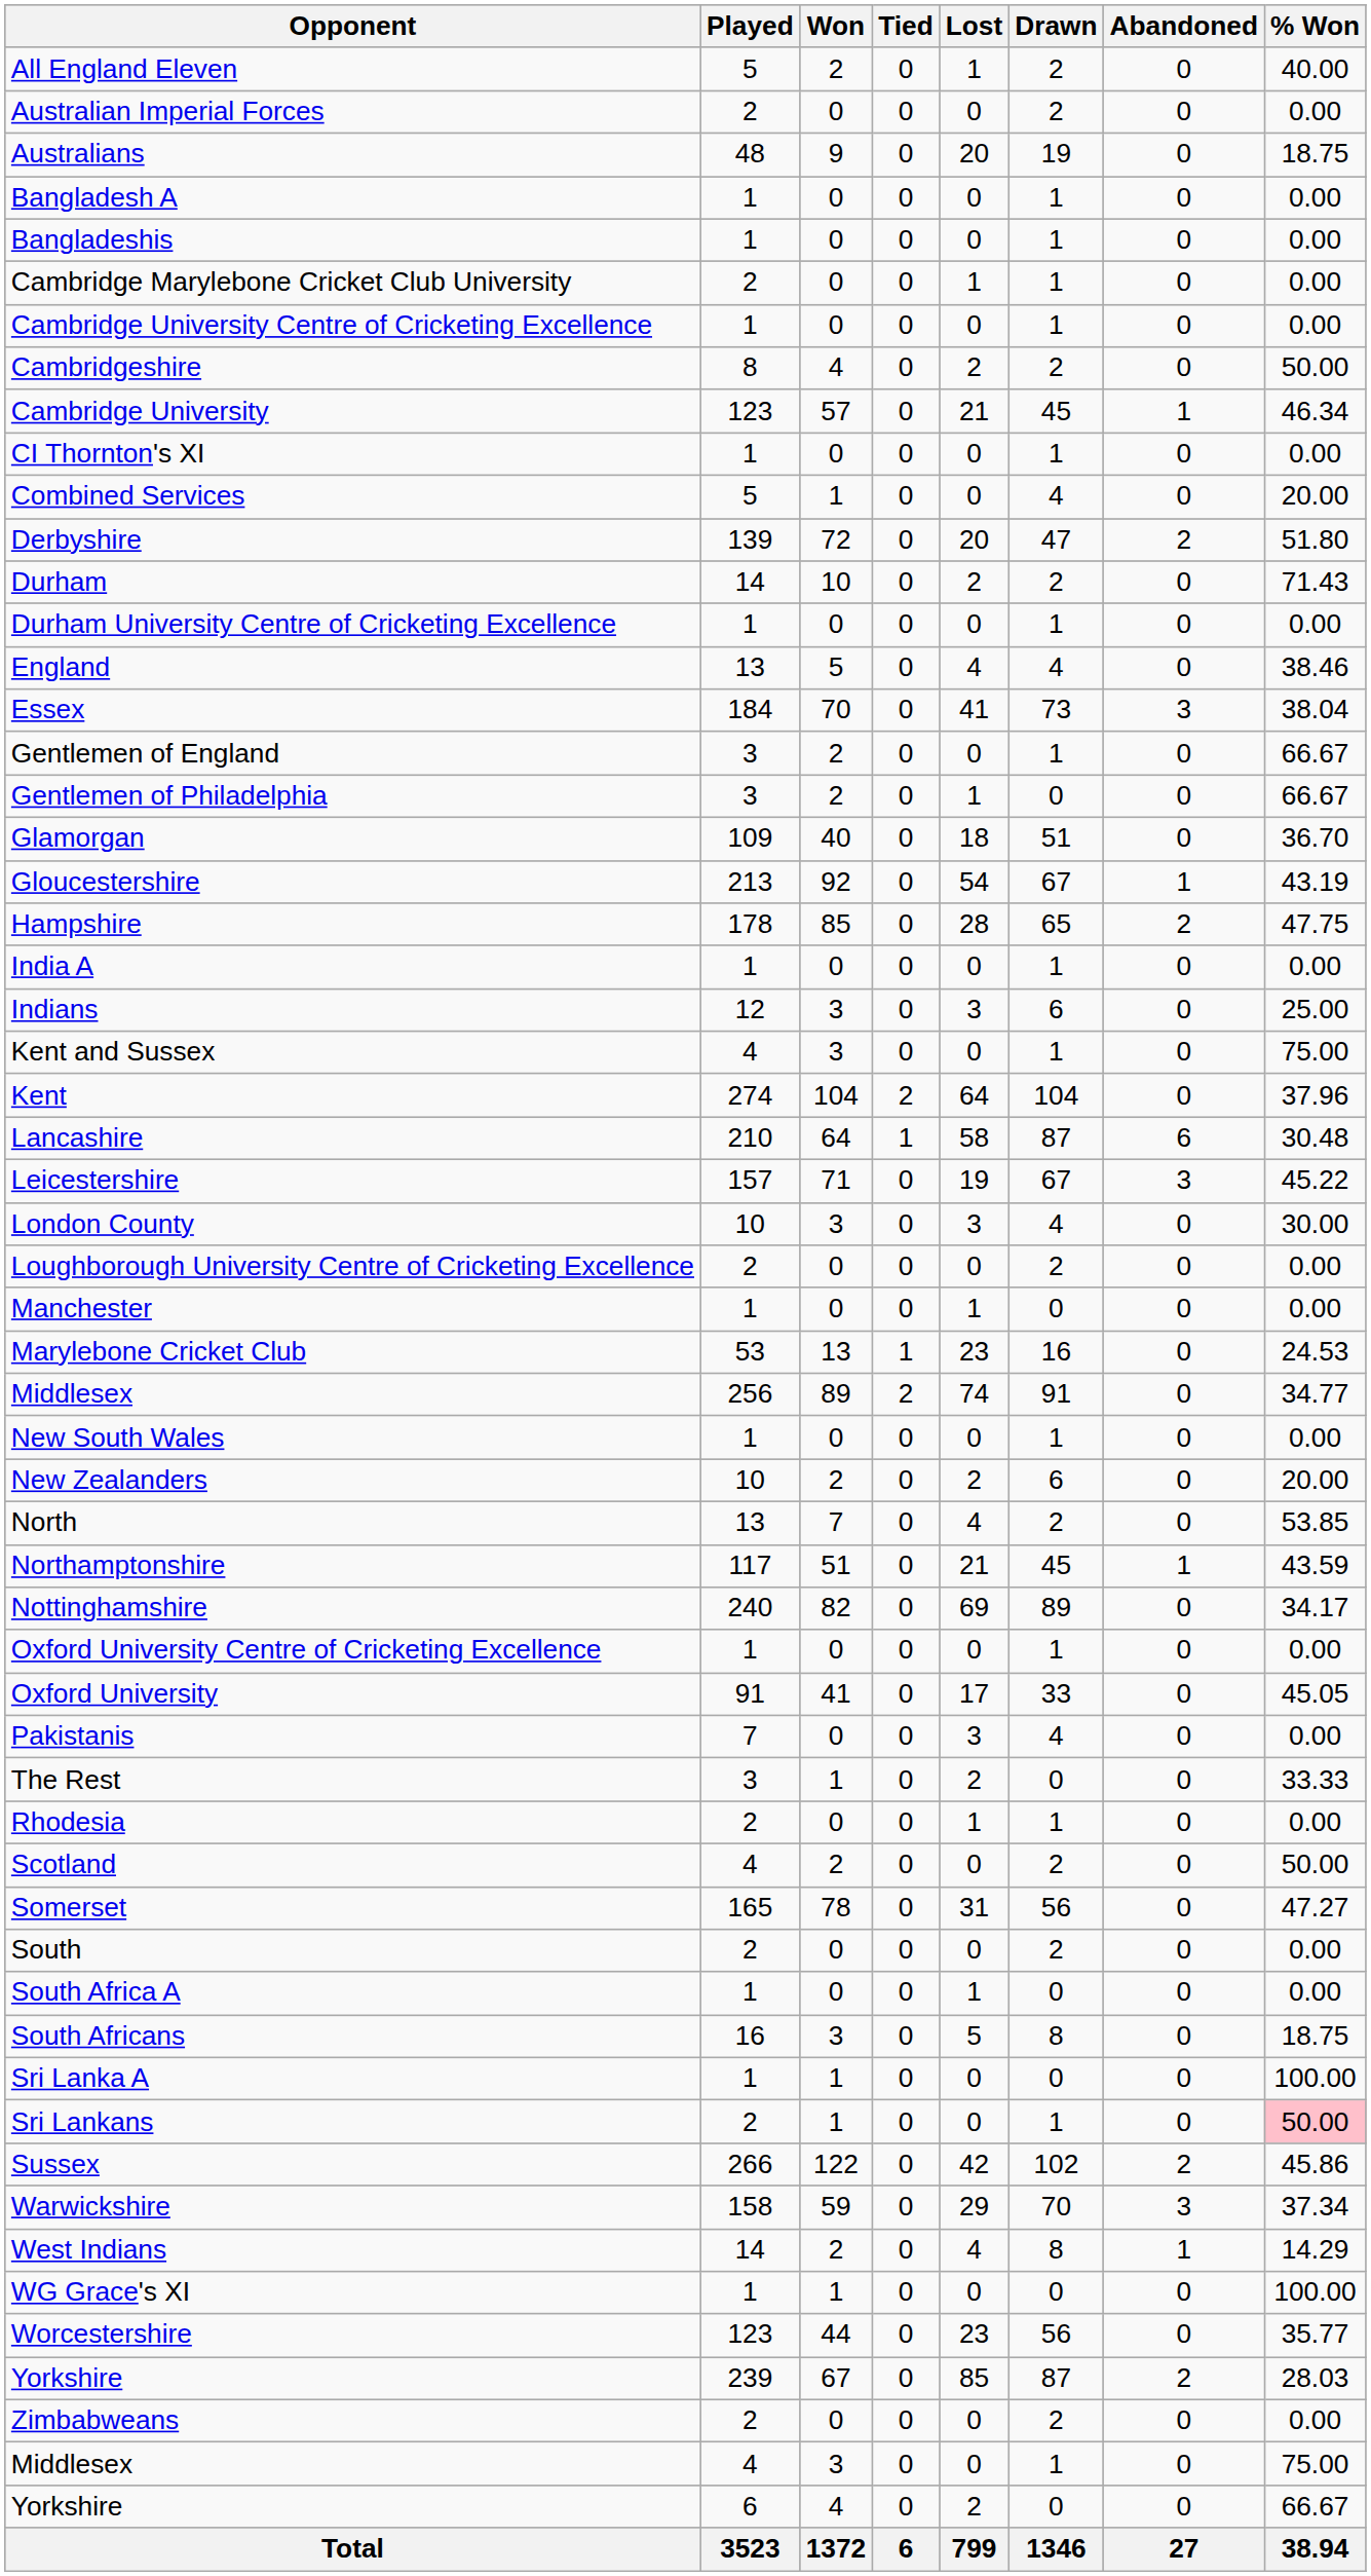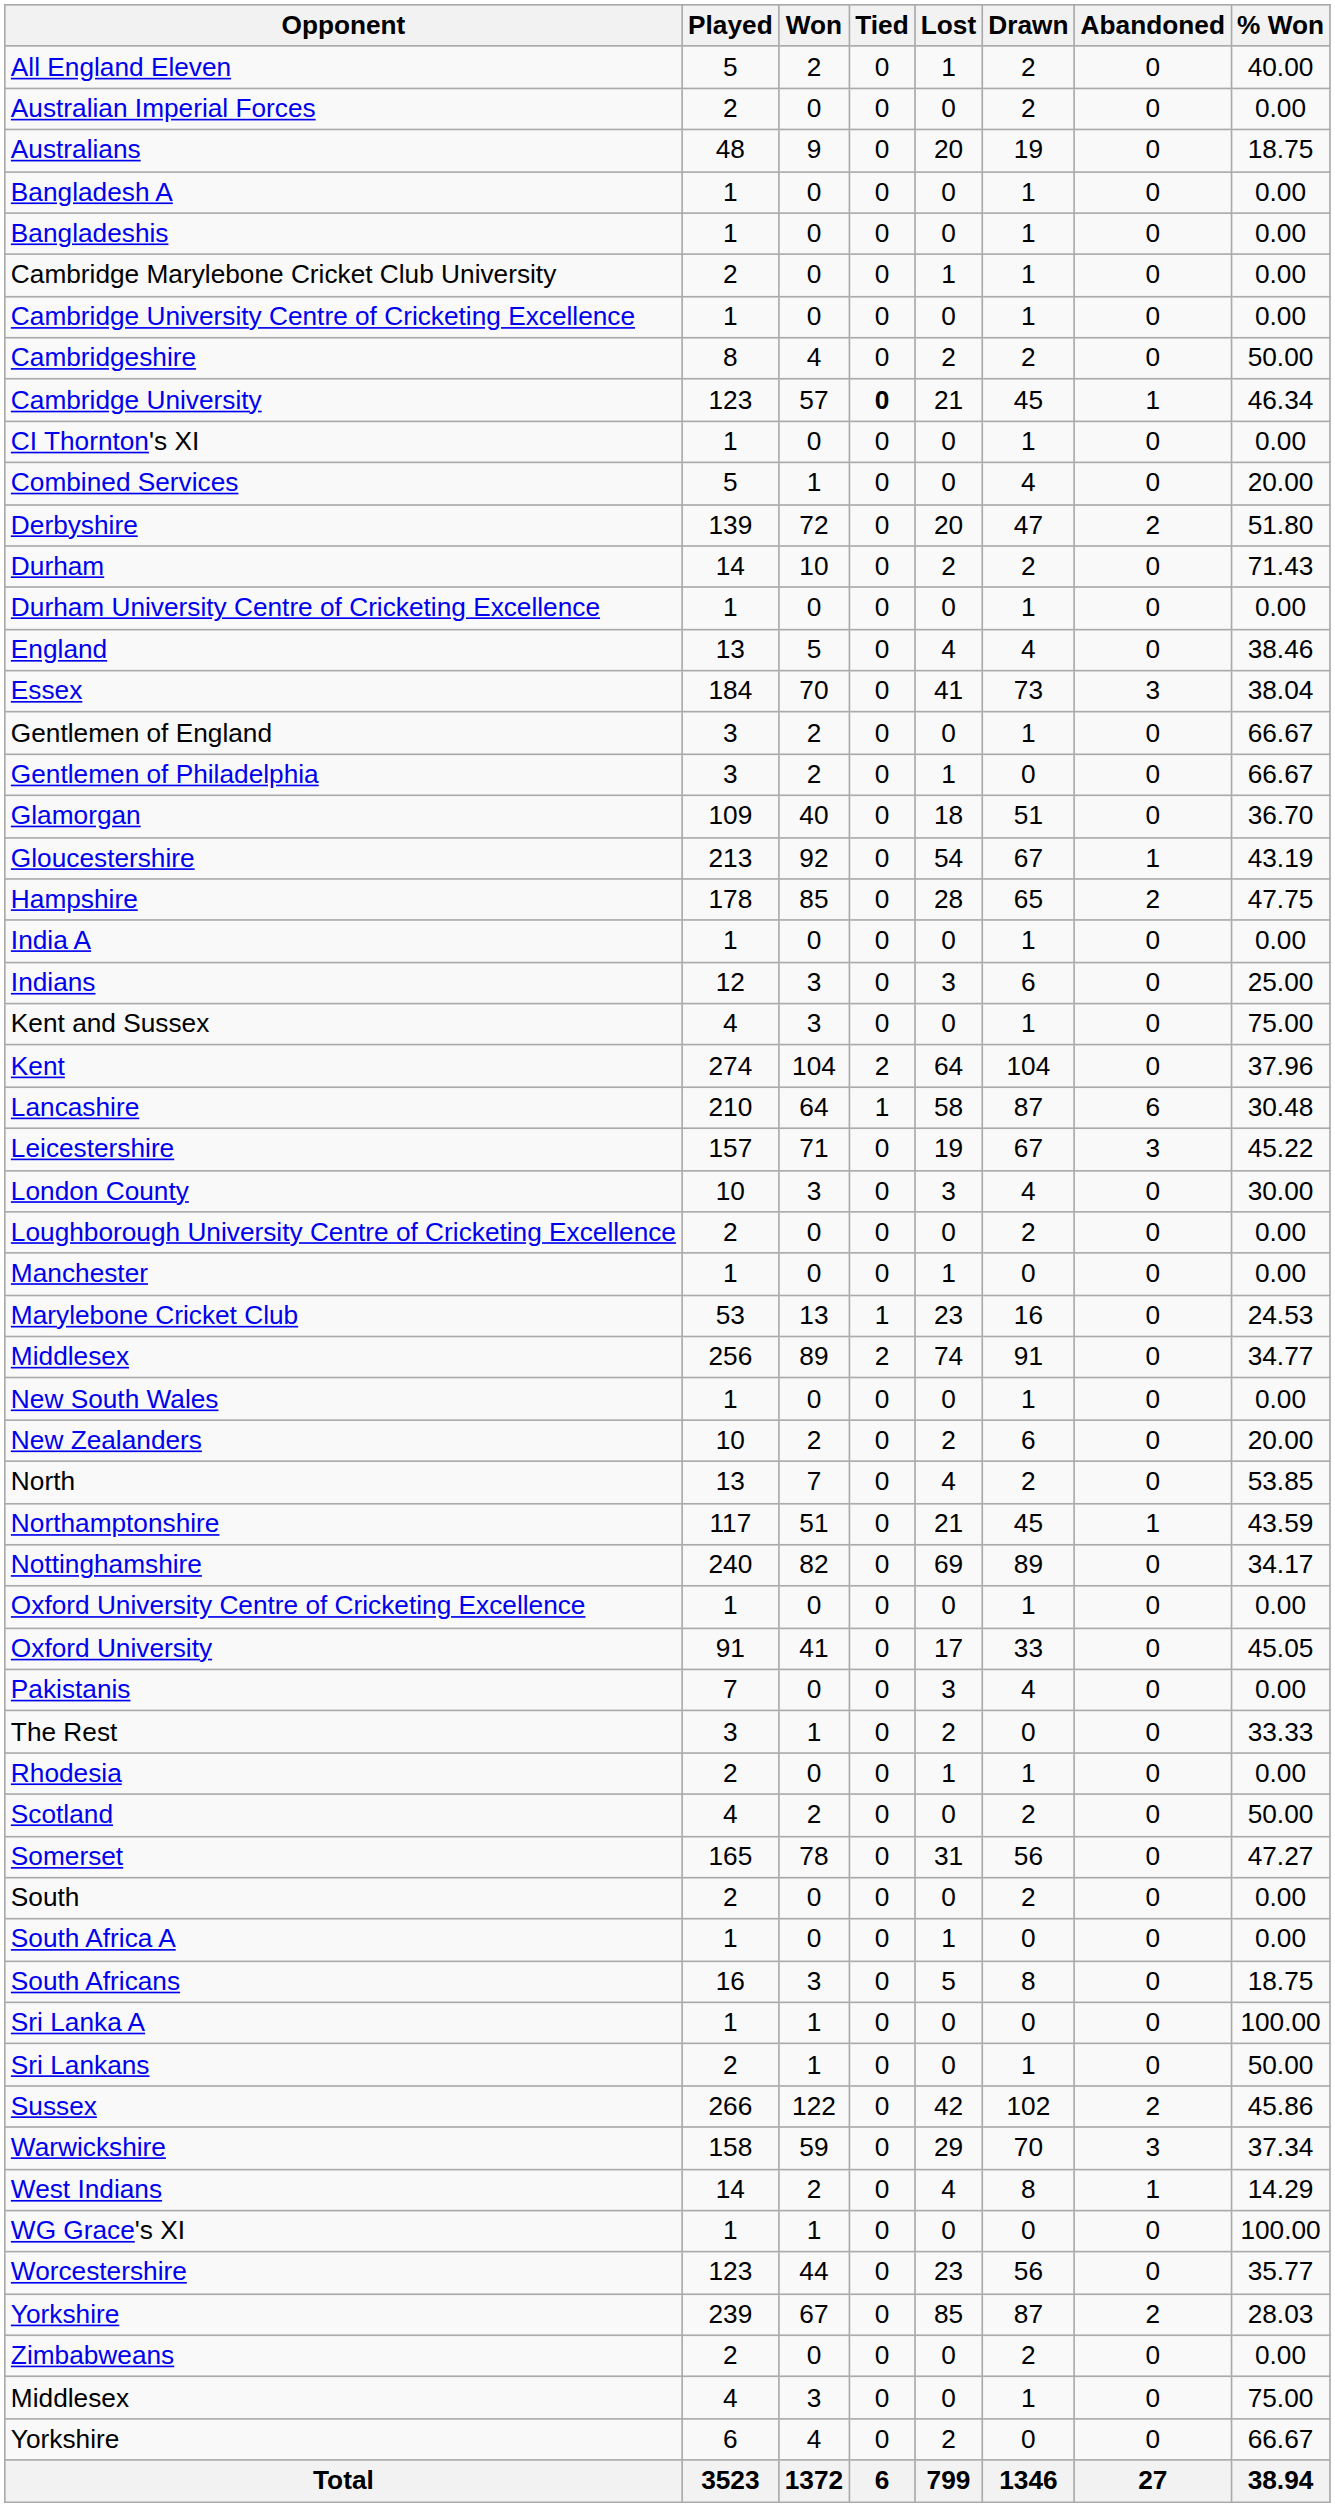 <table class="sortable wikitable" style="text-align:center">
 <tr>
 <th>Opponent</th>
 <th>Played</th>
 <th>Won</th>
 <th>Tied</th>
 <th>Lost</th>
 <th>Drawn</th>
 <th>Abandoned</th>
 <th>% Won</th>
 </tr>
 <tr>
 <td align="left"><a href='#'>All England Eleven</a></td>
 <td>5</td>
 <td>2</td>
 <td>0</td>
 <td>1</td>
 <td>2</td>
 <td>0</td>
 <td>40.00</td>
 </tr>
 <tr>
 <td align="left"><a href='#'>Australian Imperial Forces</a></td>
 <td>2</td>
 <td>0</td>
 <td>0</td>
 <td>0</td>
 <td>2</td>
 <td>0</td>
 <td>0.00</td>
 </tr>
 <tr>
 <td align="left"> <a href='#'>Australians</a></td>
 <td>48</td>
 <td>9</td>
 <td>0</td>
 <td>20</td>
 <td>19</td>
 <td>0</td>
 <td>18.75</td>
 </tr>
 <tr>
 <td align="left"><a href='#'>Bangladesh A</a></td>
 <td>1</td>
 <td>0</td>
 <td>0</td>
 <td>0</td>
 <td>1</td>
 <td>0</td>
 <td>0.00</td>
 </tr>
 <tr>
 <td align="left"> <a href='#'>Bangladeshis</a></td>
 <td>1</td>
 <td>0</td>
 <td>0</td>
 <td>0</td>
 <td>1</td>
 <td>0</td>
 <td>0.00</td>
 </tr>
 <tr>
 <td align="left">Cambridge Marylebone Cricket Club University</td>
 <td>2</td>
 <td>0</td>
 <td>0</td>
 <td>1</td>
 <td>1</td>
 <td>0</td>
 <td>0.00</td>
 </tr>
 <tr>
 <td align="left"><a href='#'>Cambridge University Centre of Cricketing Excellence</a></td>
 <td>1</td>
 <td>0</td>
 <td>0</td>
 <td>0</td>
 <td>1</td>
 <td>0</td>
 <td>0.00</td>
 </tr>
 <tr>
 <td align="left"><a href='#'>Cambridgeshire</a></td>
 <td>8</td>
 <td>4</td>
 <td>0</td>
 <td>2</td>
 <td>2</td>
 <td>0</td>
 <td>50.00</td>
 </tr>
 <tr>
 <td align="left"><a href='#'>Cambridge University</a></td>
 <td>123</td>
 <td>57</td>
-<td>0</td>
+<td><strong>0</strong></td>
 <td>21</td>
 <td>45</td>
 <td>1</td>
 <td>46.34</td>
 </tr>
 <tr>
 <td align="left"><a href='#'>CI Thornton</a>'s XI</td>
 <td>1</td>
 <td>0</td>
 <td>0</td>
 <td>0</td>
 <td>1</td>
 <td>0</td>
 <td>0.00</td>
 </tr>
 <tr>
 <td align="left"><a href='#'>Combined Services</a></td>
 <td>5</td>
 <td>1</td>
 <td>0</td>
 <td>0</td>
 <td>4</td>
 <td>0</td>
 <td>20.00</td>
 </tr>
 <tr>
 <td align="left"><a href='#'>Derbyshire</a></td>
 <td>139</td>
 <td>72</td>
 <td>0</td>
 <td>20</td>
 <td>47</td>
 <td>2</td>
 <td>51.80</td>
 </tr>
 <tr>
 <td align="left"><a href='#'>Durham</a></td>
 <td>14</td>
 <td>10</td>
 <td>0</td>
 <td>2</td>
 <td>2</td>
 <td>0</td>
 <td>71.43</td>
 </tr>
 <tr>
 <td align="left"><a href='#'>Durham University Centre of Cricketing Excellence</a></td>
 <td>1</td>
 <td>0</td>
 <td>0</td>
 <td>0</td>
 <td>1</td>
 <td>0</td>
 <td>0.00</td>
 </tr>
 <tr>
 <td align="left"> <a href='#'>England</a></td>
 <td>13</td>
 <td>5</td>
 <td>0</td>
 <td>4</td>
 <td>4</td>
 <td>0</td>
 <td>38.46</td>
 </tr>
 <tr>
 <td align="left"><a href='#'>Essex</a></td>
 <td>184</td>
 <td>70</td>
 <td>0</td>
 <td>41</td>
 <td>73</td>
 <td>3</td>
 <td>38.04</td>
 </tr>
 <tr>
 <td align="left">Gentlemen of England</td>
 <td>3</td>
 <td>2</td>
 <td>0</td>
 <td>0</td>
 <td>1</td>
 <td>0</td>
 <td>66.67</td>
 </tr>
 <tr>
 <td align="left"><a href='#'>Gentlemen of Philadelphia</a></td>
 <td>3</td>
 <td>2</td>
 <td>0</td>
 <td>1</td>
 <td>0</td>
 <td>0</td>
 <td>66.67</td>
 </tr>
 <tr>
 <td align="left"><a href='#'>Glamorgan</a></td>
 <td>109</td>
 <td>40</td>
 <td>0</td>
 <td>18</td>
 <td>51</td>
 <td>0</td>
 <td>36.70</td>
 </tr>
 <tr>
 <td align="left"><a href='#'>Gloucestershire</a></td>
 <td>213</td>
 <td>92</td>
 <td>0</td>
 <td>54</td>
 <td>67</td>
 <td>1</td>
 <td>43.19</td>
 </tr>
 <tr>
 <td align="left"><a href='#'>Hampshire</a></td>
 <td>178</td>
 <td>85</td>
 <td>0</td>
 <td>28</td>
 <td>65</td>
 <td>2</td>
 <td>47.75</td>
 </tr>
 <tr>
 <td align="left"><a href='#'>India A</a></td>
 <td>1</td>
 <td>0</td>
 <td>0</td>
 <td>0</td>
 <td>1</td>
 <td>0</td>
 <td>0.00</td>
 </tr>
 <tr>
 <td align="left"> <a href='#'>Indians</a></td>
 <td>12</td>
 <td>3</td>
 <td>0</td>
 <td>3</td>
 <td>6</td>
 <td>0</td>
 <td>25.00</td>
 </tr>
 <tr>
 <td align="left">Kent and Sussex</td>
 <td>4</td>
 <td>3</td>
 <td>0</td>
 <td>0</td>
 <td>1</td>
 <td>0</td>
 <td>75.00</td>
 </tr>
 <tr>
 <td align="left"><a href='#'>Kent</a></td>
 <td>274</td>
 <td>104</td>
 <td>2</td>
 <td>64</td>
 <td>104</td>
 <td>0</td>
 <td>37.96</td>
 </tr>
 <tr>
 <td align="left"><a href='#'>Lancashire</a></td>
 <td>210</td>
 <td>64</td>
 <td>1</td>
 <td>58</td>
 <td>87</td>
 <td>6</td>
 <td>30.48</td>
 </tr>
 <tr>
 <td align="left"><a href='#'>Leicestershire</a></td>
 <td>157</td>
 <td>71</td>
 <td>0</td>
 <td>19</td>
 <td>67</td>
 <td>3</td>
 <td>45.22</td>
 </tr>
 <tr>
 <td align="left"><a href='#'>London County</a></td>
 <td>10</td>
 <td>3</td>
 <td>0</td>
 <td>3</td>
 <td>4</td>
 <td>0</td>
 <td>30.00</td>
 </tr>
 <tr>
 <td align="left"><a href='#'>Loughborough University Centre of Cricketing Excellence</a></td>
 <td>2</td>
 <td>0</td>
 <td>0</td>
 <td>0</td>
 <td>2</td>
 <td>0</td>
 <td>0.00</td>
 </tr>
 <tr>
 <td align="left"><a href='#'>Manchester</a></td>
 <td>1</td>
 <td>0</td>
 <td>0</td>
 <td>1</td>
 <td>0</td>
 <td>0</td>
 <td>0.00</td>
 </tr>
 <tr>
 <td align="left"><a href='#'>Marylebone Cricket Club</a></td>
 <td>53</td>
 <td>13</td>
 <td>1</td>
 <td>23</td>
 <td>16</td>
 <td>0</td>
 <td>24.53</td>
 </tr>
 <tr>
 <td align="left"><a href='#'>Middlesex</a></td>
 <td>256</td>
 <td>89</td>
 <td>2</td>
 <td>74</td>
 <td>91</td>
 <td>0</td>
 <td>34.77</td>
 </tr>
 <tr>
 <td align="left"><a href='#'>New South Wales</a></td>
 <td>1</td>
 <td>0</td>
 <td>0</td>
 <td>0</td>
 <td>1</td>
 <td>0</td>
 <td>0.00</td>
 </tr>
 <tr>
 <td align="left"> <a href='#'>New Zealanders</a></td>
 <td>10</td>
 <td>2</td>
 <td>0</td>
 <td>2</td>
 <td>6</td>
 <td>0</td>
 <td>20.00</td>
 </tr>
 <tr>
 <td align="left">North</td>
 <td>13</td>
 <td>7</td>
 <td>0</td>
 <td>4</td>
 <td>2</td>
 <td>0</td>
 <td>53.85</td>
 </tr>
 <tr>
 <td align="left"><a href='#'>Northamptonshire</a></td>
 <td>117</td>
 <td>51</td>
 <td>0</td>
 <td>21</td>
 <td>45</td>
 <td>1</td>
 <td>43.59</td>
 </tr>
 <tr>
 <td align="left"><a href='#'>Nottinghamshire</a></td>
 <td>240</td>
 <td>82</td>
 <td>0</td>
 <td>69</td>
 <td>89</td>
 <td>0</td>
 <td>34.17</td>
 </tr>
 <tr>
 <td align="left"><a href='#'>Oxford University Centre of Cricketing Excellence</a></td>
 <td>1</td>
 <td>0</td>
 <td>0</td>
 <td>0</td>
 <td>1</td>
 <td>0</td>
 <td>0.00</td>
 </tr>
 <tr>
 <td align="left"><a href='#'>Oxford University</a></td>
 <td>91</td>
 <td>41</td>
 <td>0</td>
 <td>17</td>
 <td>33</td>
 <td>0</td>
 <td>45.05</td>
 </tr>
 <tr>
 <td align="left"> <a href='#'>Pakistanis</a></td>
 <td>7</td>
 <td>0</td>
 <td>0</td>
 <td>3</td>
 <td>4</td>
 <td>0</td>
 <td>0.00</td>
 </tr>
 <tr>
 <td align="left">The Rest</td>
 <td>3</td>
 <td>1</td>
 <td>0</td>
 <td>2</td>
 <td>0</td>
 <td>0</td>
 <td>33.33</td>
 </tr>
 <tr>
 <td align="left"> <a href='#'>Rhodesia</a></td>
 <td>2</td>
 <td>0</td>
 <td>0</td>
 <td>1</td>
 <td>1</td>
 <td>0</td>
 <td>0.00</td>
 </tr>
 <tr>
 <td align="left"> <a href='#'>Scotland</a></td>
 <td>4</td>
 <td>2</td>
 <td>0</td>
 <td>0</td>
 <td>2</td>
 <td>0</td>
 <td>50.00</td>
 </tr>
 <tr>
 <td align="left"><a href='#'>Somerset</a></td>
 <td>165</td>
 <td>78</td>
 <td>0</td>
 <td>31</td>
 <td>56</td>
 <td>0</td>
 <td>47.27</td>
 </tr>
 <tr>
 <td align="left">South</td>
 <td>2</td>
 <td>0</td>
 <td>0</td>
 <td>0</td>
 <td>2</td>
 <td>0</td>
 <td>0.00</td>
 </tr>
 <tr>
 <td align="left"><a href='#'>South Africa A</a></td>
 <td>1</td>
 <td>0</td>
 <td>0</td>
 <td>1</td>
 <td>0</td>
 <td>0</td>
 <td>0.00</td>
 </tr>
 <tr>
 <td align="left"> <a href='#'>South Africans</a></td>
 <td>16</td>
 <td>3</td>
 <td>0</td>
 <td>5</td>
 <td>8</td>
 <td>0</td>
 <td>18.75</td>
 </tr>
 <tr>
 <td align="left"><a href='#'>Sri Lanka A</a></td>
 <td>1</td>
 <td>1</td>
 <td>0</td>
 <td>0</td>
 <td>0</td>
 <td>0</td>
 <td>100.00</td>
 </tr>
 <tr>
 <td align="left"> <a href='#'>Sri Lankans</a></td>
 <td>2</td>
 <td>1</td>
 <td>0</td>
 <td>0</td>
 <td>1</td>
 <td>0</td>
-<td style="background: pink;">50.00</td>
+<td>50.00</td>
 </tr>
 <tr>
 <td align="left"><a href='#'>Sussex</a></td>
 <td>266</td>
 <td>122</td>
 <td>0</td>
 <td>42</td>
 <td>102</td>
 <td>2</td>
 <td>45.86</td>
 </tr>
 <tr>
 <td align="left"><a href='#'>Warwickshire</a></td>
 <td>158</td>
 <td>59</td>
 <td>0</td>
 <td>29</td>
 <td>70</td>
 <td>3</td>
 <td>37.34</td>
 </tr>
 <tr>
 <td align="left"> <a href='#'>West Indians</a></td>
 <td>14</td>
 <td>2</td>
 <td>0</td>
 <td>4</td>
 <td>8</td>
 <td>1</td>
 <td>14.29</td>
 </tr>
 <tr>
 <td align="left"><a href='#'>WG Grace</a>'s XI</td>
 <td>1</td>
 <td>1</td>
 <td>0</td>
 <td>0</td>
 <td>0</td>
 <td>0</td>
 <td>100.00</td>
 </tr>
 <tr>
 <td align="left"><a href='#'>Worcestershire</a></td>
 <td>123</td>
 <td>44</td>
 <td>0</td>
 <td>23</td>
 <td>56</td>
 <td>0</td>
 <td>35.77</td>
 </tr>
 <tr>
 <td align="left"><a href='#'>Yorkshire</a></td>
 <td>239</td>
 <td>67</td>
 <td>0</td>
 <td>85</td>
 <td>87</td>
 <td>2</td>
 <td>28.03</td>
 </tr>
 <tr>
 <td align="left"> <a href='#'>Zimbabweans</a></td>
 <td>2</td>
 <td>0</td>
 <td>0</td>
 <td>0</td>
 <td>2</td>
 <td>0</td>
 <td>0.00</td>
 </tr>
 <tr>
 <td align="left">Middlesex</td>
 <td>4</td>
 <td>3</td>
 <td>0</td>
 <td>0</td>
 <td>1</td>
 <td>0</td>
 <td>75.00</td>
 </tr>
 <tr>
 <td align="left">Yorkshire</td>
 <td>6</td>
 <td>4</td>
 <td>0</td>
 <td>2</td>
 <td>0</td>
 <td>0</td>
 <td>66.67</td>
 </tr>
 <tr>
 <th><strong>Total</strong></th>
 <th><strong>3523</strong></th>
 <th><strong>1372</strong></th>
 <th><strong>6</strong></th>
 <th><strong>799</strong></th>
 <th><strong>1346</strong></th>
 <th><strong>27</strong></th>
 <th><strong>38.94</strong></th>
 </tr>
 <tr>
 </tr>
 </table>
